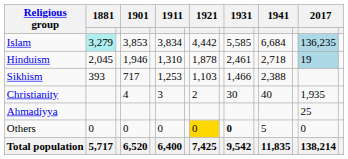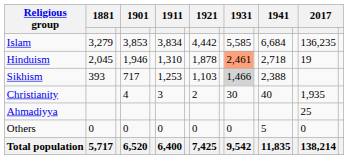 <table class="wikitable collapsible sortable">
 <tr>
 <th rowspan="2"><a href='#'>Religious</a><br>group</th>
 <th colspan="2">1881</th>
 <th colspan="2">1901</th>
 <th colspan="2">1911</th>
 <th colspan="2">1921</th>
 <th colspan="2">1931</th>
 <th colspan="2">1941</th>
 <th colspan="2">2017</th>
 </tr>
 <tr>
 <th><a href='#'></a></th>
 <th></th>
 <th></th>
 <th></th>
 <th></th>
 <th></th>
 <th></th>
 <th></th>
 <th></th>
 <th></th>
 <th></th>
 <th></th>
 <th></th>
 <th></th>
 </tr>
 <tr>
 <td><a href='#'>Islam</a> </td>
-<td style="background: paleturquoise;">3,279</td>
+<td>3,279</td>
 <td></td>
 <td>3,853</td>
 <td></td>
 <td>3,834</td>
 <td></td>
 <td>4,442</td>
 <td></td>
 <td>5,585</td>
 <td></td>
 <td>6,684</td>
 <td></td>
-<td style="background: lightblue;">136,235</td>
+<td>136,235</td>
 <td></td>
 </tr>
 <tr>
 <td><a href='#'>Hinduism</a> </td>
 <td>2,045</td>
 <td></td>
 <td>1,946</td>
 <td></td>
 <td>1,310</td>
 <td></td>
 <td>1,878</td>
 <td></td>
-<td>2,461</td>
+<td style="background: lightsalmon;">2,461</td>
 <td></td>
 <td>2,718</td>
 <td></td>
-<td style="background: lightblue;">19</td>
+<td>19</td>
 <td></td>
 </tr>
 <tr>
 <td><a href='#'>Sikhism</a> </td>
 <td>393</td>
 <td></td>
 <td>717</td>
 <td></td>
 <td>1,253</td>
 <td></td>
 <td>1,103</td>
 <td></td>
-<td>1,466</td>
+<td style="background: lightgrey;">1,466</td>
 <td></td>
 <td>2,388</td>
 <td></td>
 <td></td>
 <td></td>
 </tr>
 <tr>
 <td><a href='#'>Christianity</a> </td>
 <td></td>
 <td></td>
 <td>4</td>
 <td></td>
 <td>3</td>
 <td></td>
 <td>2</td>
 <td></td>
 <td>30</td>
 <td></td>
 <td>40</td>
 <td></td>
 <td>1,935</td>
 <td></td>
 </tr>
 <tr>
 <td><a href='#'>Ahmadiyya</a> </td>
 <td></td>
 <td></td>
 <td></td>
 <td></td>
 <td></td>
 <td></td>
 <td></td>
 <td></td>
 <td></td>
 <td></td>
 <td></td>
 <td></td>
 <td>25</td>
 <td></td>
 </tr>
 <tr>
 <td>Others</td>
 <td>0</td>
 <td></td>
 <td>0</td>
 <td></td>
 <td>0</td>
 <td></td>
-<td style="background: gold;">0</td>
+<td>0</td>
 <td></td>
-<td><strong>0</strong></td>
+<td>0</td>
 <td></td>
 <td>5</td>
 <td></td>
 <td>0</td>
 <td></td>
 </tr>
 <tr>
 <th>Total population</th>
 <th>5,717</th>
 <th></th>
 <th>6,520</th>
 <th></th>
 <th>6,400</th>
 <th></th>
 <th>7,425</th>
 <th></th>
 <th>9,542</th>
 <th></th>
 <th>11,835</th>
 <th></th>
 <th>138,214</th>
 <th></th>
 </tr>
 </table>
